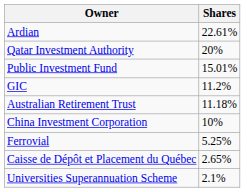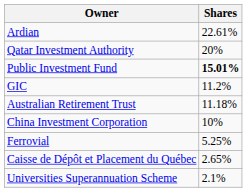 <table class="wikitable">
 <tr>
 <th>Owner</th>
 <th>Shares</th>
 </tr>
 <tr>
 <td><a href='#'>Ardian</a></td>
 <td>22.61%</td>
 </tr>
 <tr>
 <td><a href='#'>Qatar Investment Authority</a></td>
 <td>20%</td>
 </tr>
 <tr>
 <td><a href='#'>Public Investment Fund</a></td>
-<td>15.01%</td>
+<td><strong>15.01%</strong></td>
 </tr>
 <tr>
 <td><a href='#'>GIC</a></td>
 <td>11.2%</td>
 </tr>
 <tr>
 <td><a href='#'>Australian Retirement Trust</a></td>
 <td>11.18%</td>
 </tr>
 <tr>
 <td><a href='#'>China Investment Corporation</a></td>
 <td>10%</td>
 </tr>
 <tr>
 <td><a href='#'>Ferrovial</a></td>
 <td>5.25%</td>
 </tr>
 <tr>
 <td><a href='#'>Caisse de Dépôt et Placement du Québec</a></td>
 <td>2.65%</td>
 </tr>
 <tr>
 <td><a href='#'>Universities Superannuation Scheme</a></td>
 <td>2.1%</td>
 </tr>
 </table>
